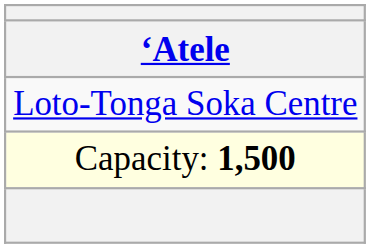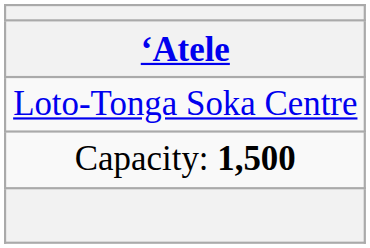 <table class="wikitable" style="text-align:center">
 <tr>
 <th></th>
 </tr>
 <tr>
 <th><a href='#'>‘Atele</a></th>
 </tr>
 <tr>
 <td><a href='#'>Loto-Tonga Soka Centre</a></td>
 </tr>
 <tr>
-<td style="background: lightyellow;">Capacity: <strong>1,500</strong></td>
+<td>Capacity: <strong>1,500</strong></td>
 </tr>
 <tr>
 <th rowspan="4"><br></th>
 </tr>
 </table>
